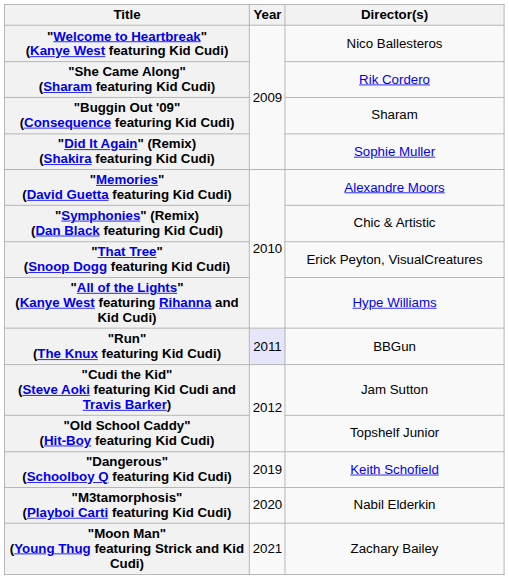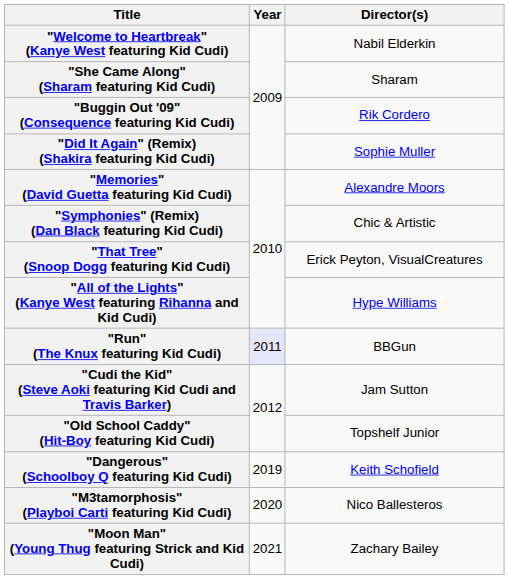 <table class="wikitable plainrowheaders" style="text-align:center;">
 <tr>
 <th scope="col" style="width:18em;">Title</th>
 <th scope="col">Year</th>
 <th scope="col" style="width:16em;">Director(s)</th>
 </tr>
 <tr>
 <th scope="row">"<a href='#'>Welcome to Heartbreak</a>"<br><span>(<a href='#'>Kanye West</a> featuring Kid Cudi)</span></th>
 <td rowspan="4">2009</td>
-<td>Nico Ballesteros</td>
+<td>Nabil Elderkin</td>
 </tr>
 <tr>
 <th scope="row">"She Came Along"<br><span>(<a href='#'>Sharam</a> featuring Kid Cudi)</span></th>
-<td><a href='#'>Rik Cordero</a></td>
+<td>Sharam</td>
 </tr>
 <tr>
 <th scope="row">"Buggin Out '09"<br><span>(<a href='#'>Consequence</a> featuring Kid Cudi)</span></th>
-<td>Sharam</td>
+<td><a href='#'>Rik Cordero</a></td>
 </tr>
 <tr>
 <th scope="row">"<a href='#'>Did It Again</a>" (Remix)<br><span>(<a href='#'>Shakira</a> featuring Kid Cudi)</span></th>
 <td><a href='#'>Sophie Muller</a></td>
 </tr>
 <tr>
 <th scope="row">"<a href='#'>Memories</a>"<br><span>(<a href='#'>David Guetta</a> featuring Kid Cudi)</span></th>
 <td rowspan="4">2010</td>
 <td><a href='#'>Alexandre Moors</a></td>
 </tr>
 <tr>
 <th scope="row">"<a href='#'>Symphonies</a>" (Remix)<br><span>(<a href='#'>Dan Black</a> featuring Kid Cudi)</span></th>
 <td>Chic & Artistic</td>
 </tr>
 <tr>
 <th scope="row">"<a href='#'>That Tree</a>"<br><span>(<a href='#'>Snoop Dogg</a> featuring Kid Cudi)</span></th>
 <td>Erick Peyton, VisualCreatures</td>
 </tr>
 <tr>
 <th scope="row">"<a href='#'>All of the Lights</a>"<br><span>(<a href='#'>Kanye West</a> featuring <a href='#'>Rihanna</a> and Kid Cudi)</span></th>
 <td><a href='#'>Hype Williams</a></td>
 </tr>
 <tr>
 <th scope="row">"Run"<br><span>(<a href='#'>The Knux</a> featuring Kid Cudi)</span></th>
 <td style="background: lavender;">2011</td>
 <td>BBGun</td>
 </tr>
 <tr>
 <th scope="row">"Cudi the Kid"<br><span>(<a href='#'>Steve Aoki</a> featuring Kid Cudi and <a href='#'>Travis Barker</a>)</span></th>
 <td rowspan="2">2012</td>
 <td>Jam Sutton</td>
 </tr>
 <tr>
 <th scope="row">"Old School Caddy"<br><span>(<a href='#'>Hit-Boy</a> featuring Kid Cudi)</span></th>
 <td>Topshelf Junior</td>
 </tr>
 <tr>
 <th scope="row">"Dangerous"<br><span>(<a href='#'>Schoolboy Q</a> featuring Kid Cudi)</span></th>
 <td>2019</td>
 <td><a href='#'>Keith Schofield</a></td>
 </tr>
 <tr>
 <th scope="row">"M3tamorphosis"<br><span>(<a href='#'>Playboi Carti</a> featuring Kid Cudi)</span></th>
 <td>2020</td>
-<td>Nabil Elderkin</td>
+<td>Nico Ballesteros</td>
 </tr>
 <tr>
 <th scope="row">"Moon Man"<br><span>(<a href='#'>Young Thug</a> featuring Strick and Kid Cudi)</span></th>
 <td>2021</td>
 <td>Zachary Bailey</td>
 </tr>
 </table>
